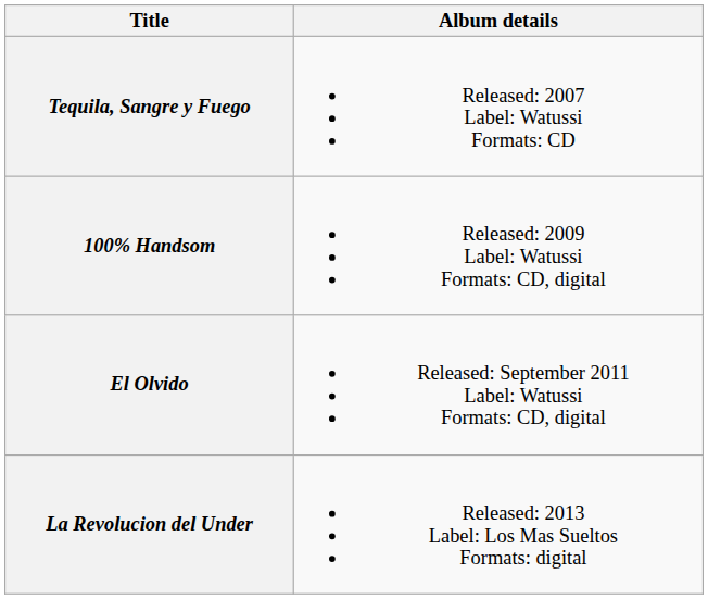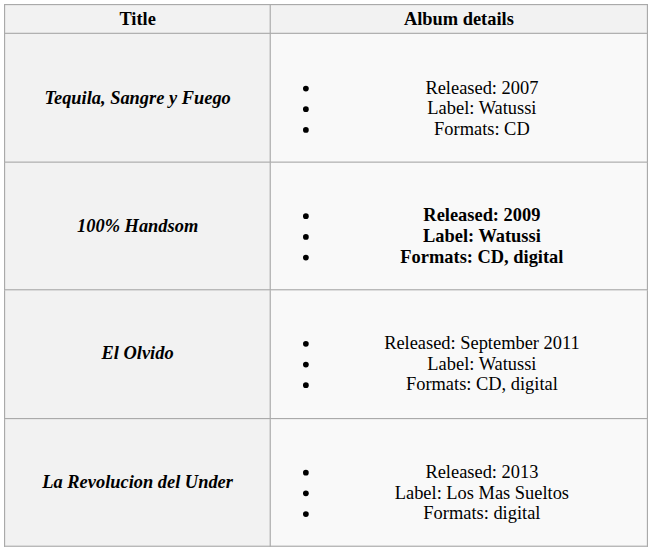 <table class="wikitable plainrowheaders" style="text-align:center;">
 <tr>
 <th scope="col" rowspan="1" style="width:14em;">Title</th>
 <th scope="col" rowspan="1" style="width:20em;">Album details</th>
 </tr>
 <tr>
 <th scope="row"><em>Tequila, Sangre y Fuego</em></th>
 <td><br><ul><li>Released: 2007</li><li>Label: Watussi</li><li>Formats: CD</li></ul></td>
 </tr>
 <tr>
 <th scope="row"><em>100% Handsom</em></th>
-<td><br><ul><li>Released: 2009</li><li>Label: Watussi</li><li>Formats: CD, digital</li></ul></td>
+<td><strong><br><ul><li>Released: 2009</li><li>Label: Watussi</li><li>Formats: CD, digital</li></ul></strong></td>
 </tr>
 <tr>
 <th scope="row"><em>El Olvido</em></th>
 <td><br><ul><li>Released: September 2011</li><li>Label: Watussi</li><li>Formats: CD, digital</li></ul></td>
 </tr>
 <tr>
 <th scope="row"><em>La Revolucion del Under</em></th>
 <td><br><ul><li>Released: 2013</li><li>Label: Los Mas Sueltos</li><li>Formats: digital</li></ul></td>
 </tr>
 </table>
